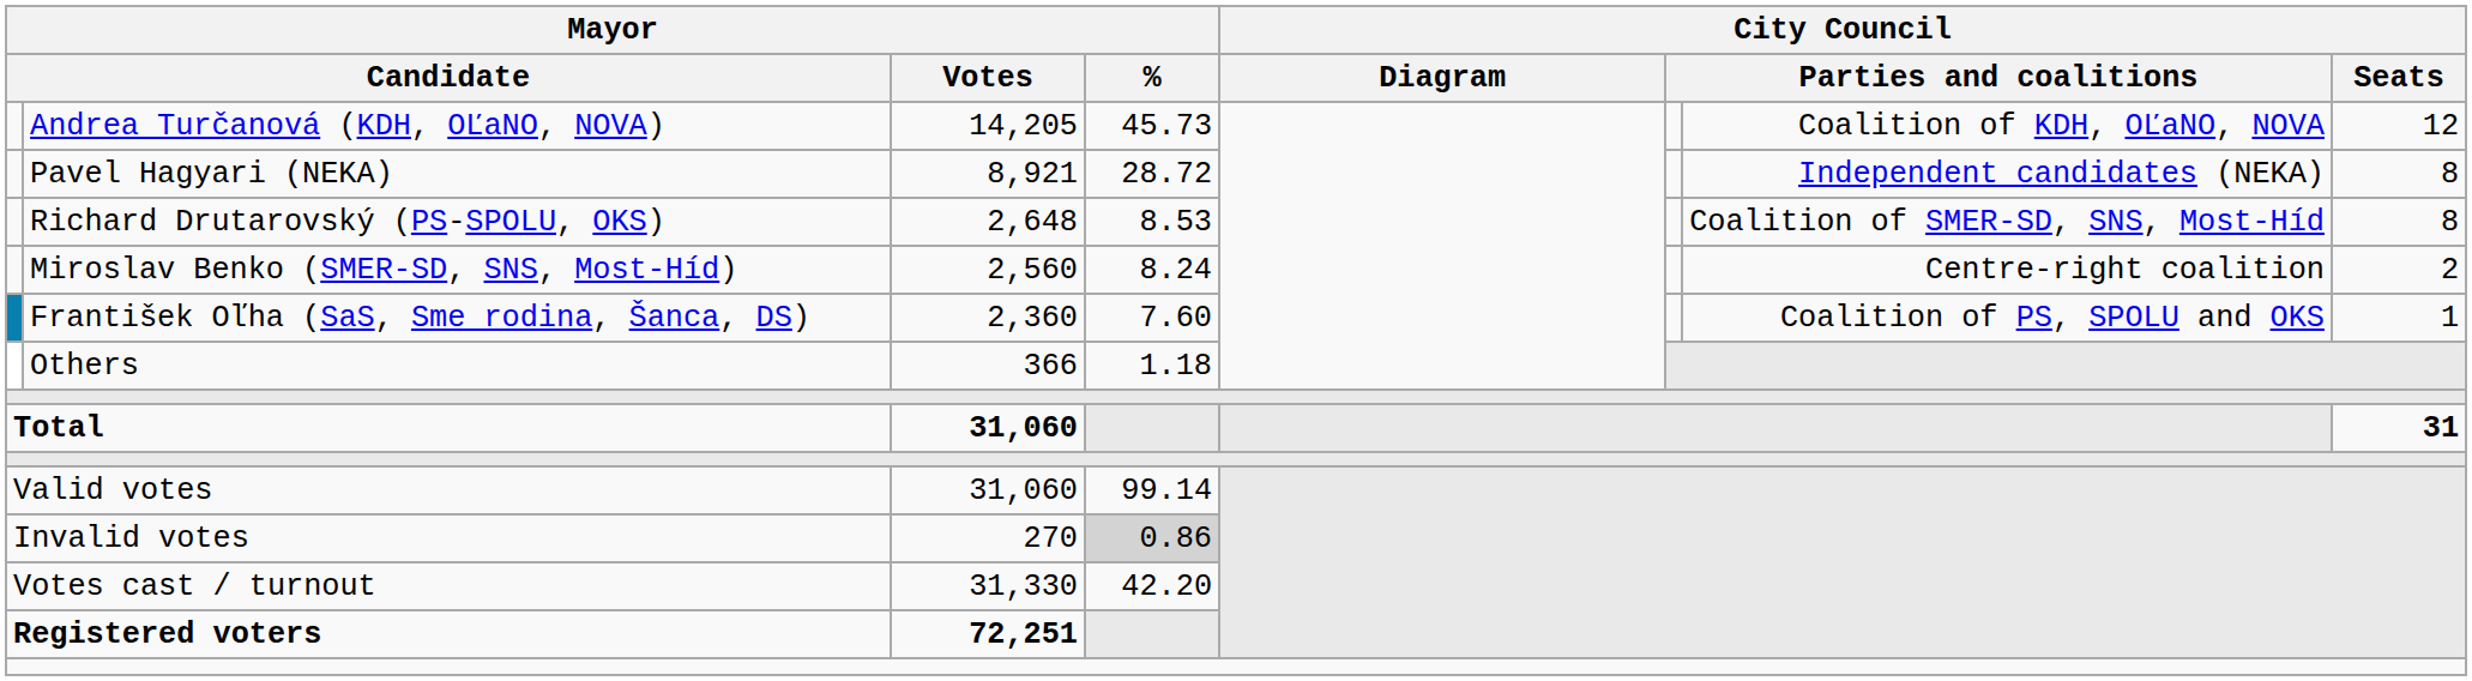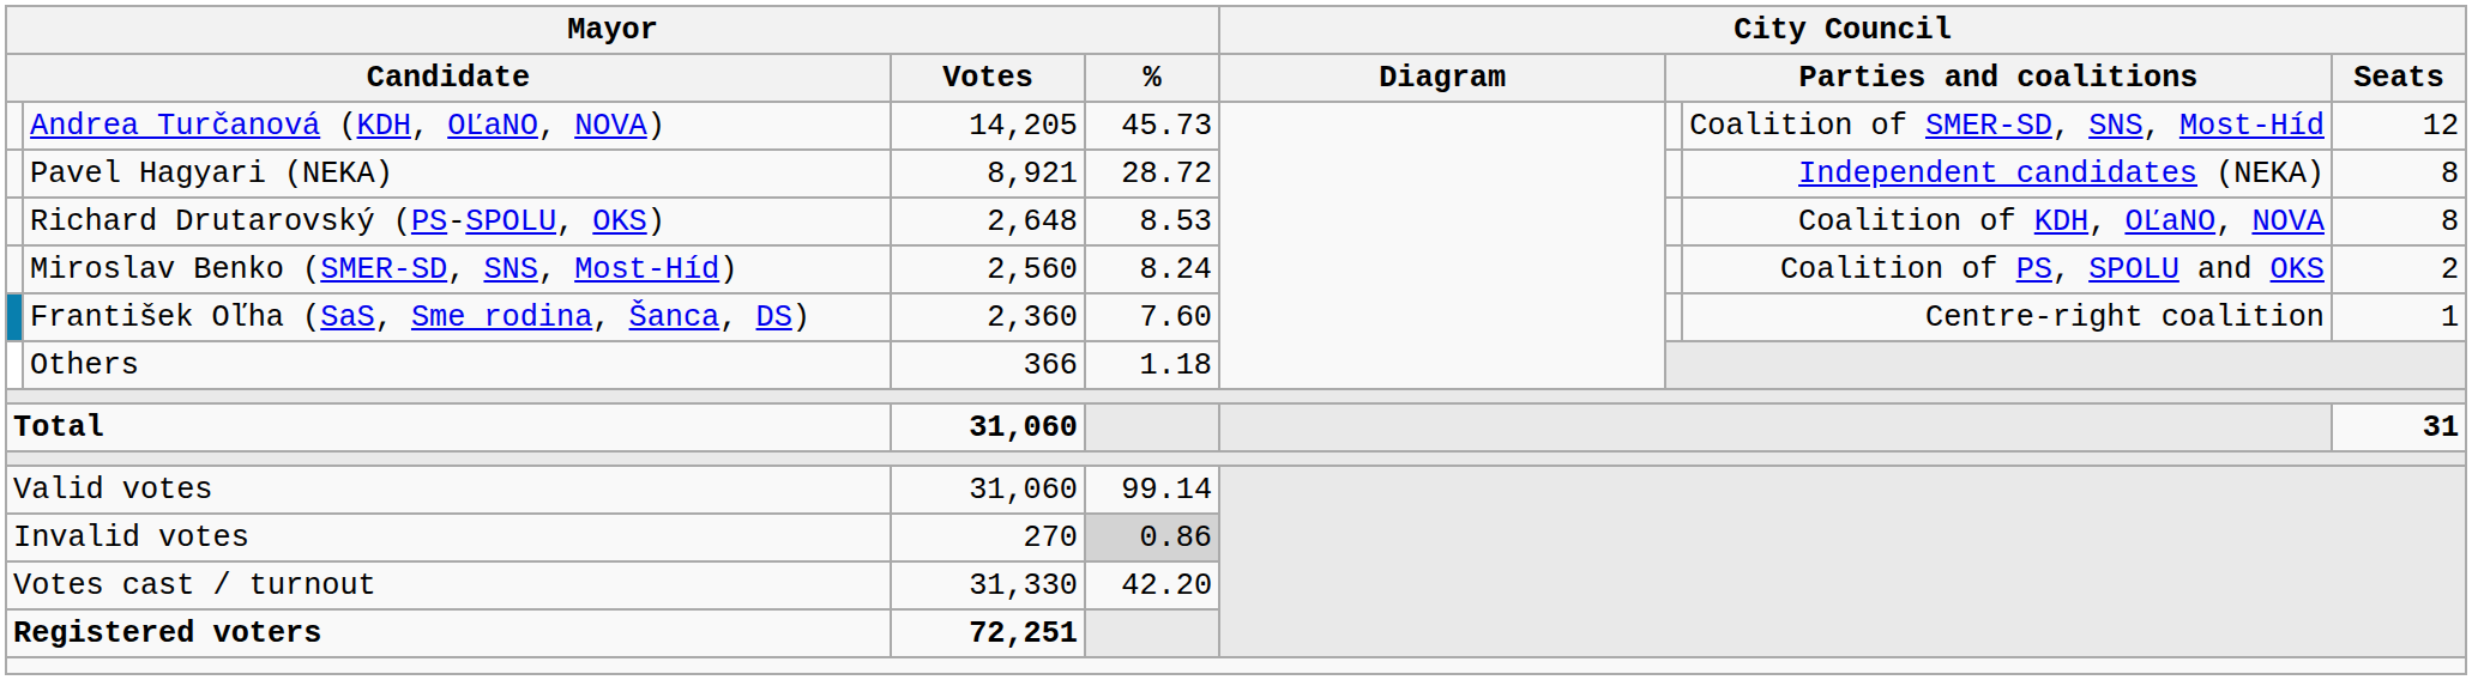 <table class="wikitable" style="text-align:right; font-size:97%;">
 <tr>
 <th colspan="4" width="500">Mayor</th>
 <th colspan="4" width="500">City Council</th>
 </tr>
 <tr>
 <th colspan="2" width="325">Candidate</th>
 <th width="75">Votes</th>
 <th width="50">%</th>
 <th width="180">Diagram</th>
 <th colspan="2" width="270">Parties and coalitions</th>
 <th width="50">Seats</th>
 </tr>
 <tr>
 <td width="1" style="color:inherit;background:"></td>
 <td align="left"><a href='#'>Andrea Turčanová</a> (<a href='#'>KDH</a>, <a href='#'>OĽaNO</a>, <a href='#'>NOVA</a>)</td>
 <td>14,205</td>
 <td>45.73</td>
 <td rowspan="6"></td>
 <td width="1" style="color:inherit;background:"></td>
-<td>Coalition of <a href='#'>KDH</a>, <a href='#'>OĽaNO</a>, <a href='#'>NOVA</a></td>
+<td>Coalition of <a href='#'>SMER-SD</a>, <a href='#'>SNS</a>, <a href='#'>Most-Híd</a></td>
 <td>12</td>
 </tr>
 <tr>
 <td width="1" style="color:inherit;background:"></td>
 <td align="left">Pavel Hagyari (NEKA)</td>
 <td>8,921</td>
 <td>28.72</td>
 <td width="1" style="color:inherit;background:"></td>
 <td><a href='#'>Independent candidates</a> (NEKA)</td>
 <td>8</td>
 </tr>
 <tr>
 <td width="1" style="color:inherit;background:"></td>
 <td align="left">Richard Drutarovský (<a href='#'>PS</a>-<a href='#'>SPOLU</a>, <a href='#'>OKS</a>)</td>
 <td>2,648</td>
 <td>8.53</td>
 <td width="1" style="color:inherit;background:"></td>
-<td>Coalition of <a href='#'>SMER-SD</a>, <a href='#'>SNS</a>, <a href='#'>Most-Híd</a></td>
+<td>Coalition of <a href='#'>KDH</a>, <a href='#'>OĽaNO</a>, <a href='#'>NOVA</a></td>
 <td>8</td>
 </tr>
 <tr>
 <td width="1" style="color:inherit;background:"></td>
 <td align="left">Miroslav Benko (<a href='#'>SMER-SD</a>, <a href='#'>SNS</a>, <a href='#'>Most-Híd</a>)</td>
 <td>2,560</td>
 <td>8.24</td>
 <td width="1" style="color:inherit;background:"></td>
-<td>Centre-right coalition</td>
+<td>Coalition of <a href='#'>PS</a>, <a href='#'>SPOLU</a> and <a href='#'>OKS</a></td>
 <td>2</td>
 </tr>
 <tr>
 <td width="1" style="color:inherit;background:#087fae"></td>
 <td align="left">František Oľha (<a href='#'>SaS</a>, <a href='#'>Sme rodina</a>, <a href='#'>Šanca</a>, <a href='#'>DS</a>)</td>
 <td>2,360</td>
 <td>7.60</td>
 <td width="1" style="color:inherit;background:"></td>
-<td>Coalition of <a href='#'>PS</a>, <a href='#'>SPOLU</a> and <a href='#'>OKS</a></td>
+<td>Centre-right coalition</td>
 <td>1</td>
 </tr>
 <tr>
 <td width="1" bgcolor="white"></td>
 <td align="left">Others</td>
 <td>366</td>
 <td>1.18</td>
 <td colspan="3" bgcolor="#E9E9E9"></td>
 </tr>
 <tr>
 <td colspan="8" bgcolor="#E9E9E9"></td>
 </tr>
 <tr>
 <td align="left" colspan="2"><strong>Total</strong></td>
 <td><strong>31,060</strong></td>
 <td style="color:inherit;background:#E9E9E9"></td>
 <td colspan="3" bgcolor="#E9E9E9"></td>
 <td><strong>31</strong></td>
 </tr>
 <tr>
 <td colspan="8" bgcolor="#E9E9E9"></td>
 </tr>
 <tr>
 <td align="left" colspan="2">Valid votes</td>
 <td>31,060</td>
 <td>99.14</td>
 <td bgcolor="#E9E9E9" rowspan="4" colspan="4"></td>
 </tr>
 <tr>
 <td align="left" colspan="2">Invalid votes</td>
 <td>270</td>
 <td style="background: lightgrey;">0.86</td>
 </tr>
 <tr>
 <td align="left" colspan="2">Votes cast / turnout</td>
 <td>31,330</td>
 <td>42.20</td>
 </tr>
 <tr style="font-weight:bold;">
 <td align="left" colspan="2">Registered voters</td>
 <td>72,251</td>
 <td bgcolor="#E9E9E9"></td>
 </tr>
 <tr>
 <td colspan="8"></td>
 </tr>
 </table>
